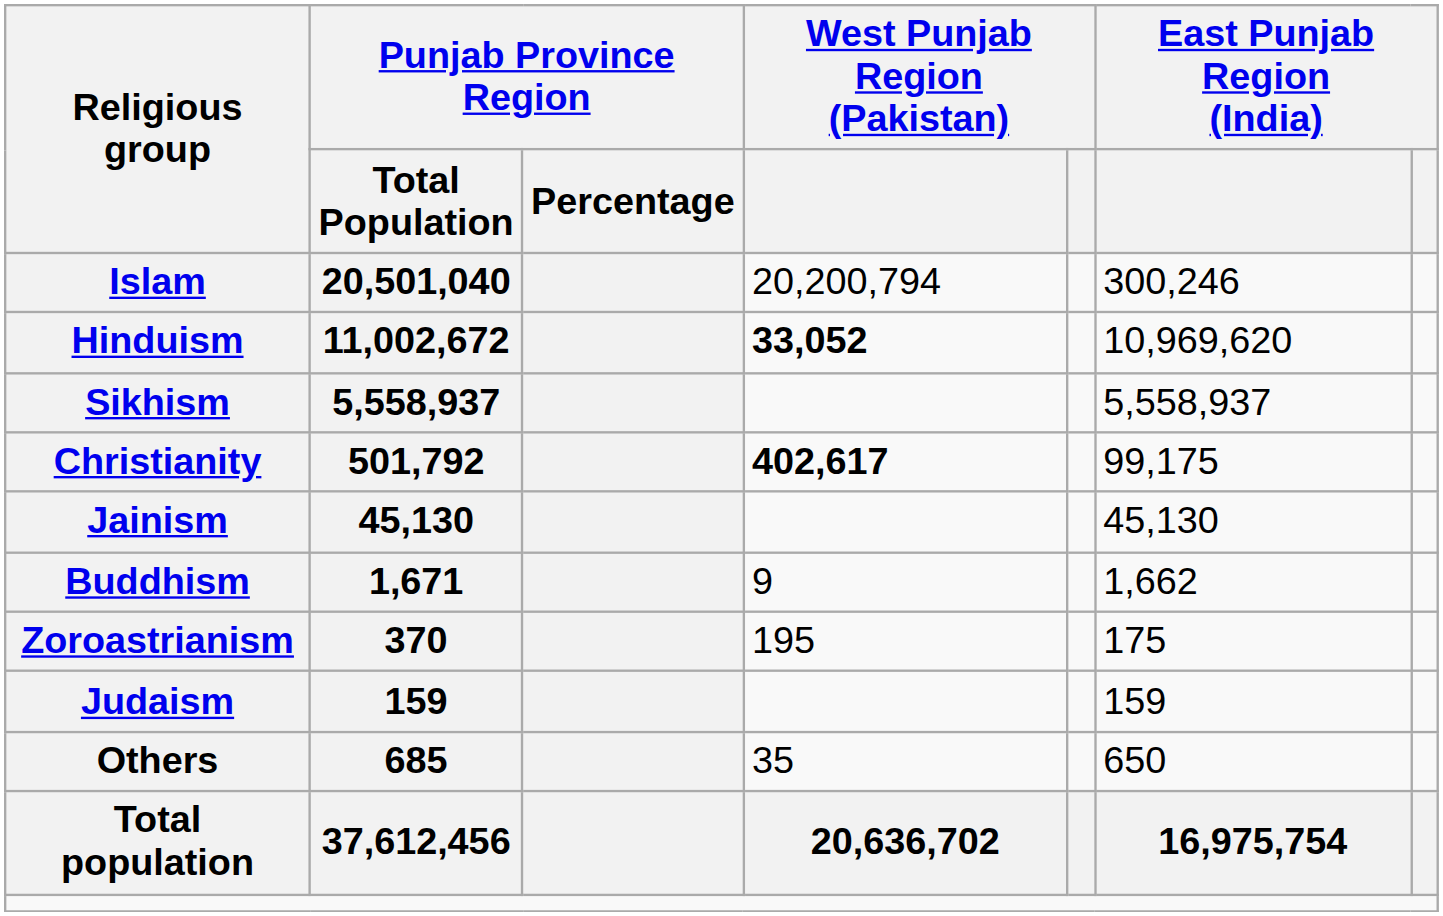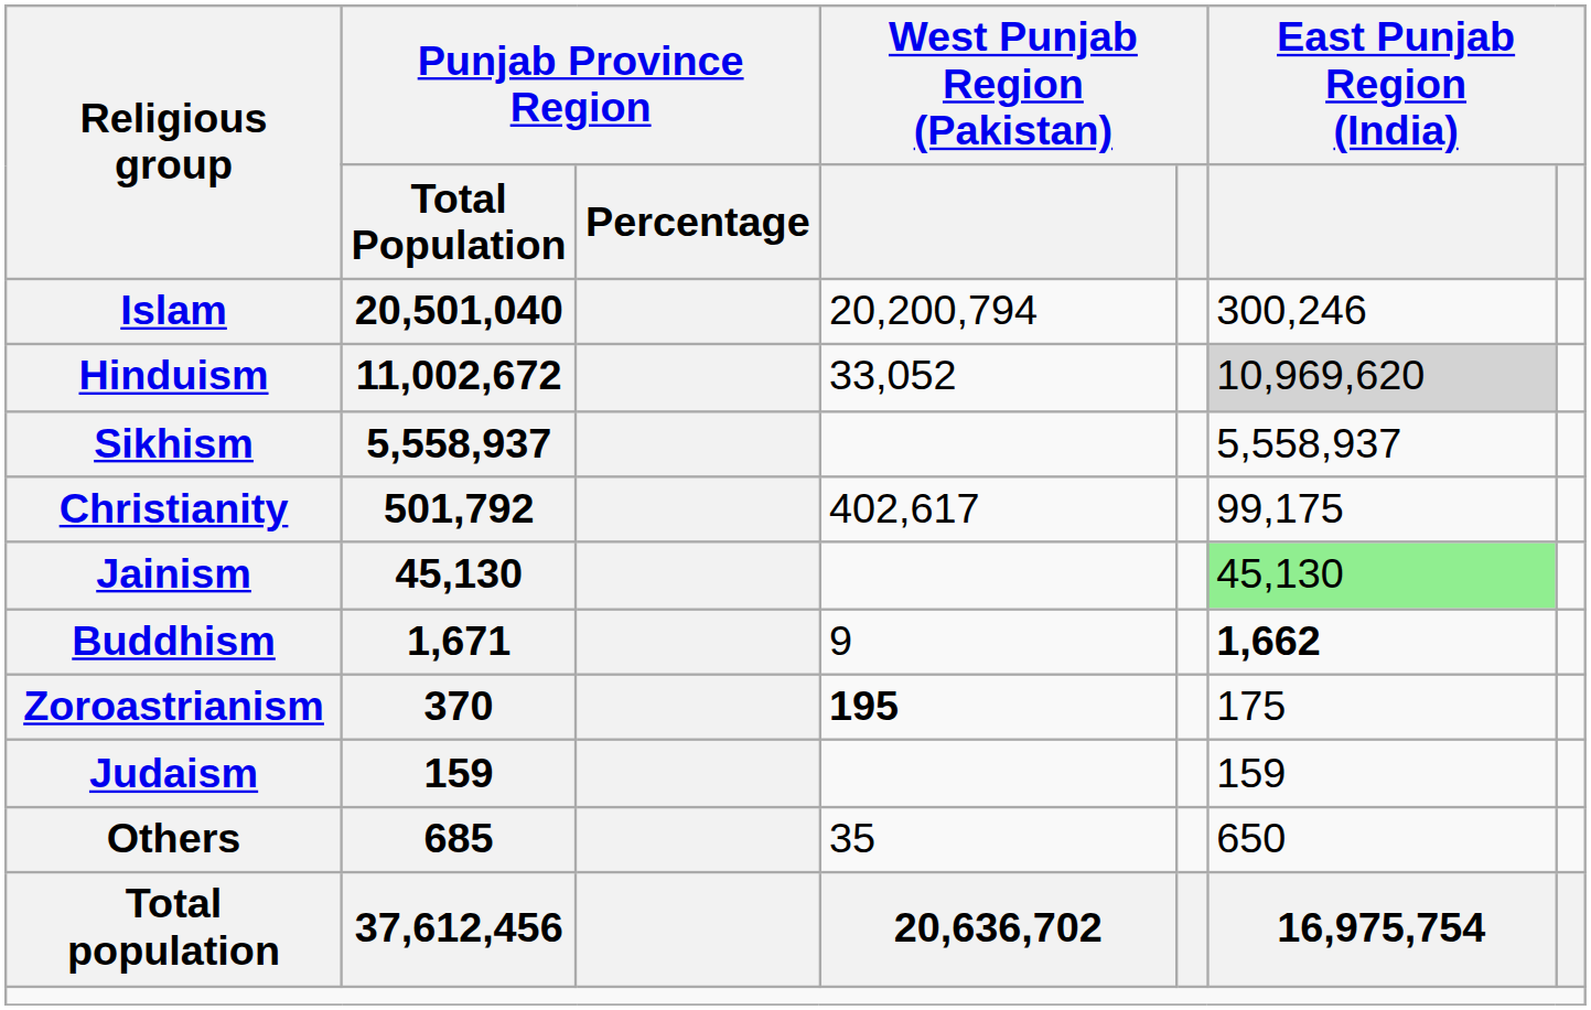 <table class="wikitable sortable">
 <tr>
 <th rowspan="2">Religious<br>group</th>
 <th colspan="2"><a href='#'>Punjab Province<br>Region</a></th>
 <th colspan="2"><a href='#'>West Punjab Region<br>(Pakistan)</a></th>
 <th colspan="2"><a href='#'>East Punjab Region<br>(India)</a></th>
 </tr>
 <tr>
 <th>Total<br>Population</th>
 <th>Percentage</th>
 <th><a href='#'></a></th>
 <th></th>
 <th></th>
 <th></th>
 </tr>
 <tr>
 <th><a href='#'>Islam</a> </th>
 <th>20,501,040</th>
 <th></th>
 <td>20,200,794</td>
 <td></td>
 <td>300,246</td>
 <td></td>
 </tr>
 <tr>
 <th><a href='#'>Hinduism</a> </th>
 <th>11,002,672</th>
 <th></th>
-<td><strong>33,052</strong></td>
+<td>33,052</td>
 <td></td>
-<td>10,969,620</td>
+<td style="background: lightgrey;">10,969,620</td>
 <td></td>
 </tr>
 <tr>
 <th><a href='#'>Sikhism</a> </th>
 <th>5,558,937</th>
 <th></th>
 <td></td>
 <td></td>
 <td>5,558,937</td>
 <td></td>
 </tr>
 <tr>
 <th><a href='#'>Christianity</a> </th>
 <th>501,792</th>
 <th></th>
-<td><strong>402,617</strong></td>
+<td>402,617</td>
 <td></td>
 <td>99,175</td>
 <td></td>
 </tr>
 <tr>
 <th><a href='#'>Jainism</a> </th>
 <th>45,130</th>
 <th></th>
 <td></td>
 <td></td>
-<td>45,130</td>
+<td style="background: lightgreen;">45,130</td>
 <td></td>
 </tr>
 <tr>
 <th><a href='#'>Buddhism</a> </th>
 <th>1,671</th>
 <th></th>
 <td>9</td>
 <td></td>
-<td>1,662</td>
+<td><strong>1,662</strong></td>
 <td></td>
 </tr>
 <tr>
 <th><a href='#'>Zoroastrianism</a> </th>
 <th>370</th>
 <th></th>
-<td>195</td>
+<td><strong>195</strong></td>
 <td></td>
 <td>175</td>
 <td></td>
 </tr>
 <tr>
 <th><a href='#'>Judaism</a> </th>
 <th>159</th>
 <th></th>
 <td></td>
 <td></td>
 <td>159</td>
 <td></td>
 </tr>
 <tr>
 <th>Others</th>
 <th>685</th>
 <th></th>
 <td>35</td>
 <td></td>
 <td>650</td>
 <td></td>
 </tr>
 <tr>
 <th>Total population</th>
 <th>37,612,456</th>
 <th></th>
 <th>20,636,702</th>
 <th></th>
 <th>16,975,754</th>
 <th></th>
 </tr>
 <tr class="sortbottom">
 <td colspan="15"></td>
 </tr>
 </table>
